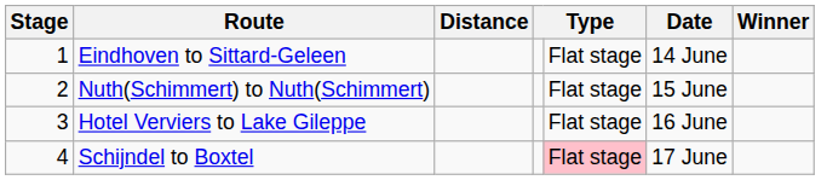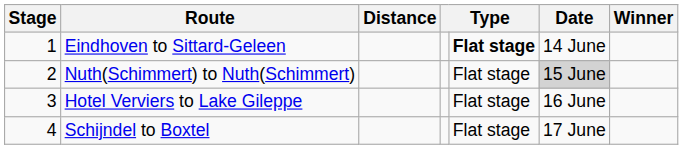 <table class="wikitable">
 <tr>
 <th>Stage</th>
 <th>Route</th>
 <th>Distance</th>
 <th colspan=2>Type</th>
 <th>Date</th>
 <th>Winner</th>
 </tr>
 <tr>
 <td align=right>1</td>
 <td><a href='#'>Eindhoven</a> to <a href='#'>Sittard-Geleen</a></td>
 <td></td>
 <td></td>
-<td>Flat stage</td>
+<td><strong>Flat stage</strong></td>
 <td align=right>14 June</td>
 <td></td>
 </tr>
 <tr>
 <td align=right>2</td>
 <td><a href='#'>Nuth</a>(<a href='#'>Schimmert</a>) to <a href='#'>Nuth</a>(<a href='#'>Schimmert</a>)</td>
 <td></td>
 <td></td>
 <td>Flat stage</td>
-<td align=right>15 June</td>
+<td align=right style="background: lightgrey;">15 June</td>
 <td></td>
 </tr>
 <tr>
 <td align=right>3</td>
 <td><a href='#'>Hotel Verviers</a> to <a href='#'>Lake Gileppe</a></td>
 <td></td>
 <td></td>
 <td>Flat stage</td>
 <td align=right>16 June</td>
 <td></td>
 </tr>
 <tr>
 <td align=right>4</td>
 <td><a href='#'>Schijndel</a> to <a href='#'>Boxtel</a></td>
 <td></td>
 <td></td>
-<td style="background: pink;">Flat stage</td>
+<td>Flat stage</td>
 <td align=right>17 June</td>
 <td></td>
 </tr>
 </table>
